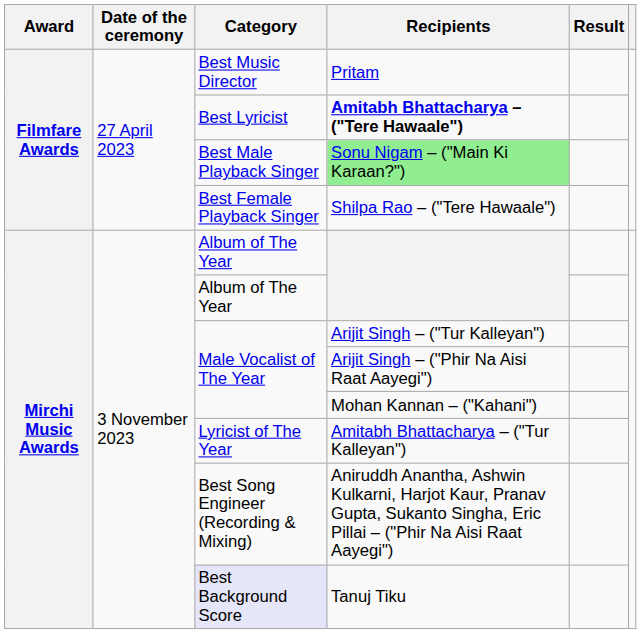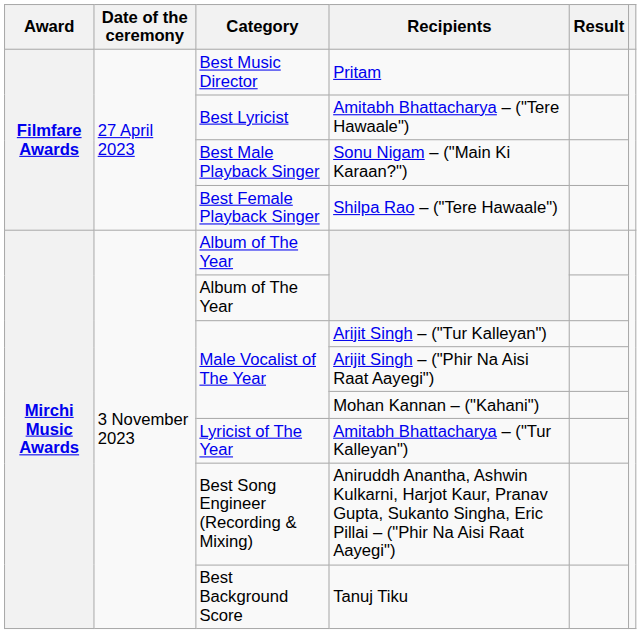 <table class="wikitable plainrowheaders sortable">
 <tr>
 <th scope="col">Award</th>
 <th scope="col">Date of the ceremony</th>
 <th scope="col">Category</th>
 <th scope="col">Recipients</th>
 <th scope="col">Result</th>
 <th scope="col" class="unsortable"></th>
 </tr>
 <tr>
 <th rowspan="4" scope="row"><a href='#'>Filmfare Awards</a></th>
 <td rowspan="4"><a href='#'>27 April 2023</a></td>
 <td><a href='#'>Best Music Director</a></td>
 <td><a href='#'>Pritam</a></td>
 <td></td>
 <td rowspan="4"></td>
 </tr>
 <tr>
 <td><a href='#'>Best Lyricist</a></td>
-<td><strong><a href='#'>Amitabh Bhattacharya</a> – ("Tere Hawaale")</strong></td>
+<td><a href='#'>Amitabh Bhattacharya</a> – ("Tere Hawaale")</td>
 <td></td>
 </tr>
 <tr>
 <td><a href='#'>Best Male Playback Singer</a></td>
-<td style="background: lightgreen;"><a href='#'>Sonu Nigam</a> – ("Main Ki Karaan?")</td>
+<td><a href='#'>Sonu Nigam</a> – ("Main Ki Karaan?")</td>
 <td></td>
 </tr>
 <tr>
 <td><a href='#'>Best Female Playback Singer</a></td>
 <td><a href='#'>Shilpa Rao</a> – ("Tere Hawaale")</td>
 <td></td>
 </tr>
 <tr>
 <th rowspan="8" scope="row"><a href='#'>Mirchi Music Awards</a></th>
 <td rowspan="8">3 November 2023</td>
 <td><a href='#'>Album of The Year</a></td>
 <th rowspan="2"></th>
 <td></td>
 <td rowspan="8"><br></td>
 </tr>
 <tr>
 <td>Album of The Year </td>
 <td></td>
 </tr>
 <tr>
 <td rowspan="3"><a href='#'>Male Vocalist of The Year</a></td>
 <td><a href='#'>Arijit Singh</a> – ("Tur Kalleyan")</td>
 <td></td>
 </tr>
 <tr>
 <td><a href='#'>Arijit Singh</a> – ("Phir Na Aisi Raat Aayegi")</td>
 <td></td>
 </tr>
 <tr>
 <td>Mohan Kannan – ("Kahani")</td>
 <td></td>
 </tr>
 <tr>
 <td><a href='#'>Lyricist of The Year</a></td>
 <td><a href='#'>Amitabh Bhattacharya</a> – ("Tur Kalleyan")</td>
 <td></td>
 </tr>
 <tr>
 <td>Best Song Engineer (Recording & Mixing)</td>
 <td>Aniruddh Anantha, Ashwin Kulkarni, Harjot Kaur, Pranav Gupta, Sukanto Singha, Eric Pillai – ("Phir Na Aisi Raat Aayegi")</td>
 <td></td>
 </tr>
 <tr>
-<td style="background: lavender;">Best Background Score</td>
+<td>Best Background Score</td>
 <td>Tanuj Tiku</td>
 <td></td>
 </tr>
 </table>
